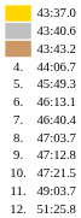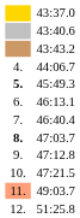 <table style="text-align:center">
 <tr>
 <td width=30 bgcolor=gold></td>
 <td align=left></td>
 <td>43:37.0</td>
 </tr>
 <tr>
 <td bgcolor=silver></td>
 <td align=left></td>
 <td>43:40.6</td>
 </tr>
 <tr>
 <td bgcolor=cc9966></td>
 <td align=left></td>
 <td>43:43.2</td>
 </tr>
 <tr>
 <td>4.</td>
 <td align=left></td>
 <td>44:06.7</td>
 </tr>
 <tr>
-<td>5.</td>
+<td><strong>5.</strong></td>
 <td align=left></td>
 <td>45:49.3</td>
 </tr>
 <tr>
 <td>6.</td>
 <td align=left></td>
 <td>46:13.1</td>
 </tr>
 <tr>
 <td>7.</td>
 <td align=left></td>
 <td>46:40.4</td>
 </tr>
 <tr>
-<td>8.</td>
+<td><strong>8.</strong></td>
 <td align=left></td>
 <td>47:03.7</td>
 </tr>
 <tr>
 <td>9.</td>
 <td align=left></td>
 <td>47:12.8</td>
 </tr>
 <tr>
 <td>10.</td>
 <td align=left></td>
 <td>47:21.5</td>
 </tr>
 <tr>
-<td>11.</td>
+<td style="background: lightsalmon;">11.</td>
 <td align=left></td>
 <td>49:03.7</td>
 </tr>
 <tr>
 <td>12.</td>
 <td align=left></td>
 <td>51:25.8</td>
 </tr>
 </table>
